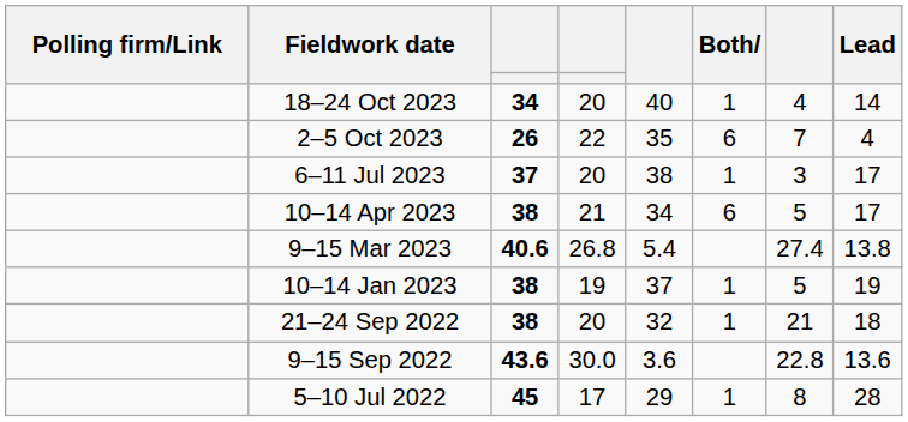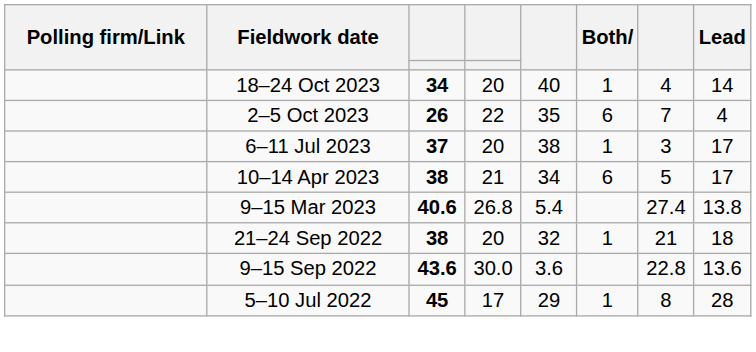 <table class="wikitable sortable mw-datatable" style="text-align:center;font-size:95%;line-height:16px;">
 <tr style="height:42px;">
 <th style="width:145px;" rowspan="2">Polling firm/Link</th>
 <th style="width:145px;" rowspan="2">Fieldwork date</th>
 <th style="width:35px;"></th>
 <th style="width:35px;"></th>
 <th class="unsortable" style="width:35px;" rowspan="2"></th>
 <th class="unsortable" style="width:35px;" rowspan="2">Both/<br></th>
 <th class="unsortable" style="width:35px;" rowspan="2"></th>
 <th class="unsortable" style="width:30px;" rowspan="2">Lead</th>
 </tr>
 <tr>
 <th style="color:inherit;background:"></th>
 <th style="color:inherit;background:"></th>
 </tr>
 <tr>
 <td></td>
 <td>18–24 Oct 2023</td>
 <td><strong>34</strong></td>
 <td>20</td>
 <td>40</td>
 <td>1</td>
 <td>4</td>
 <td style="background:">14</td>
 </tr>
 <tr>
 <td></td>
 <td>2–5 Oct 2023</td>
 <td><strong>26</strong></td>
 <td>22</td>
 <td>35</td>
 <td>6</td>
 <td>7</td>
 <td style="background:">4</td>
 </tr>
 <tr>
 <td></td>
 <td>6–11 Jul 2023</td>
 <td><strong>37</strong></td>
 <td>20</td>
 <td>38</td>
 <td>1</td>
 <td>3</td>
 <td style="background:">17</td>
 </tr>
 <tr>
 <td></td>
 <td>10–14 Apr 2023</td>
 <td><strong>38</strong></td>
 <td>21</td>
 <td>34</td>
 <td>6</td>
 <td>5</td>
 <td style="background:">17</td>
 </tr>
 <tr>
 <td></td>
 <td>9–15 Mar 2023</td>
 <td><strong>40.6</strong></td>
 <td>26.8</td>
 <td>5.4</td>
 <td></td>
 <td>27.4</td>
 <td style="background:">13.8</td>
 </tr>
 <tr>
 <td></td>
-<td>10–14 Jan 2023</td>
-<td><strong>38</strong></td>
-<td>19</td>
-<td>37</td>
-<td>1</td>
-<td>5</td>
-<td style="background:">19</td>
-</tr>
-<tr>
-<td></td>
 <td>21–24 Sep 2022</td>
 <td><strong>38</strong></td>
 <td>20</td>
 <td>32</td>
 <td>1</td>
 <td>21</td>
 <td style="background:">18</td>
 </tr>
 <tr>
 <td></td>
 <td data-sort-value="2019-10-03">9–15 Sep 2022</td>
 <td><strong>43.6</strong></td>
 <td>30.0</td>
 <td>3.6</td>
 <td></td>
 <td>22.8</td>
 <td style="background:">13.6</td>
 </tr>
 <tr>
 <td></td>
 <td>5–10 Jul 2022</td>
 <td><strong>45</strong></td>
 <td>17</td>
 <td>29</td>
 <td>1</td>
 <td>8</td>
 <td style="background:">28</td>
 </tr>
 </table>
